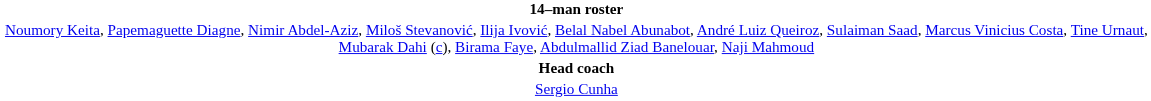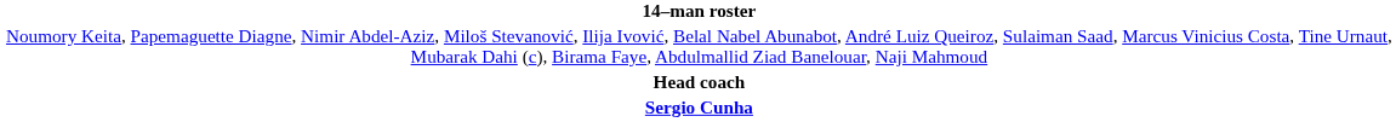 <table style="text-align:center; margin-top:2em; margin-left:auto; margin-right:auto">
 <tr>
 <td><strong>14–man roster</strong></td>
 </tr>
 <tr>
 <td><a href='#'>Noumory Keita</a>, <a href='#'>Papemaguette Diagne</a>, <a href='#'>Nimir Abdel-Aziz</a>, <a href='#'>Miloš Stevanović</a>, <a href='#'>Ilija Ivović</a>, <a href='#'>Belal Nabel Abunabot</a>, <a href='#'>André Luiz Queiroz</a>, <a href='#'>Sulaiman Saad</a>, <a href='#'>Marcus Vinicius Costa</a>, <a href='#'>Tine Urnaut</a>, <a href='#'>Mubarak Dahi</a> (<a href='#'>c</a>), <a href='#'>Birama Faye</a>, <a href='#'>Abdulmallid Ziad Banelouar</a>, <a href='#'>Naji Mahmoud</a></td>
 </tr>
 <tr>
 <td><strong>Head coach</strong></td>
 </tr>
 <tr>
-<td> <a href='#'>Sergio Cunha</a></td>
+<td><strong> <a href='#'>Sergio Cunha</a></strong></td>
 </tr>
 </table>
